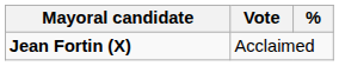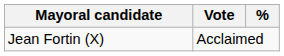 <table class="wikitable">
 <tr>
 <th bgcolor="#DDDDFF" width="200px">Mayoral candidate</th>
 <th bgcolor="#DDDDFF" width="50px">Vote</th>
 <th bgcolor="#DDDDFF"  width="30px">%</th>
 </tr>
 <tr>
-<td><strong>Jean Fortin (X)</strong></td>
+<td>Jean Fortin (X)</td>
 <td colspan="2">Acclaimed</td>
 </tr>
 </table>
